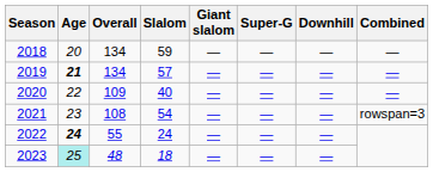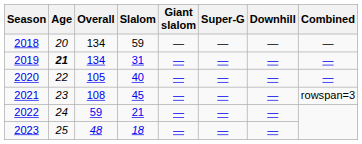 <table class=wikitable style="text-align:center">
 <tr>
 <th>Season</th>
 <th>Age</th>
 <th>Overall</th>
 <th>Slalom</th>
 <th>Giant<br>slalom</th>
 <th>Super-G</th>
 <th>Downhill</th>
 <th>Combined</th>
 </tr>
 <tr>
 <td><a href='#'>2018</a></td>
 <td><em>20</em></td>
 <td>134</td>
 <td>59</td>
 <td>—</td>
 <td>—</td>
 <td>—</td>
 <td>—</td>
 </tr>
 <tr>
 <td><a href='#'>2019</a></td>
 <td><strong><em>21</em></strong></td>
 <td><a href='#'>134</a></td>
-<td><a href='#'>57</a></td>
+<td><a href='#'>31</a></td>
 <td><a href='#'>—</a></td>
 <td><a href='#'>—</a></td>
 <td><a href='#'>—</a></td>
 <td><a href='#'>—</a></td>
 </tr>
 <tr>
 <td><a href='#'>2020</a></td>
 <td><em>22</em></td>
-<td><a href='#'>109</a></td>
+<td><a href='#'>105</a></td>
 <td><a href='#'>40</a></td>
 <td><a href='#'>—</a></td>
 <td><a href='#'>—</a></td>
 <td><a href='#'>—</a></td>
 <td><a href='#'>—</a></td>
 </tr>
 <tr>
 <td><a href='#'>2021</a></td>
 <td><em>23</em></td>
 <td><a href='#'>108</a></td>
-<td><a href='#'>54</a></td>
+<td><a href='#'>45</a></td>
 <td><a href='#'>—</a></td>
 <td><a href='#'>—</a></td>
 <td><a href='#'>—</a></td>
 <td>rowspan=3 </td>
 </tr>
 <tr>
 <td><a href='#'>2022</a></td>
-<td><strong><em>24</em></strong></td>
-<td><a href='#'>55</a></td>
-<td><a href='#'>24</a></td>
+<td><em>24</em></td>
+<td><a href='#'>59</a></td>
+<td><a href='#'>21</a></td>
 <td><a href='#'>—</a></td>
 <td><a href='#'>—</a></td>
 <td><a href='#'>—</a></td>
 </tr>
 <tr>
 <td><a href='#'>2023</a></td>
-<td style="background: paleturquoise;"><em>25</em></td>
+<td><em>25</em></td>
 <td><em><a href='#'>48</a></em></td>
 <td><em><a href='#'>18</a></em></td>
 <td><a href='#'>—</a></td>
 <td><a href='#'>—</a></td>
 <td><a href='#'>—</a></td>
 </tr>
 </table>
